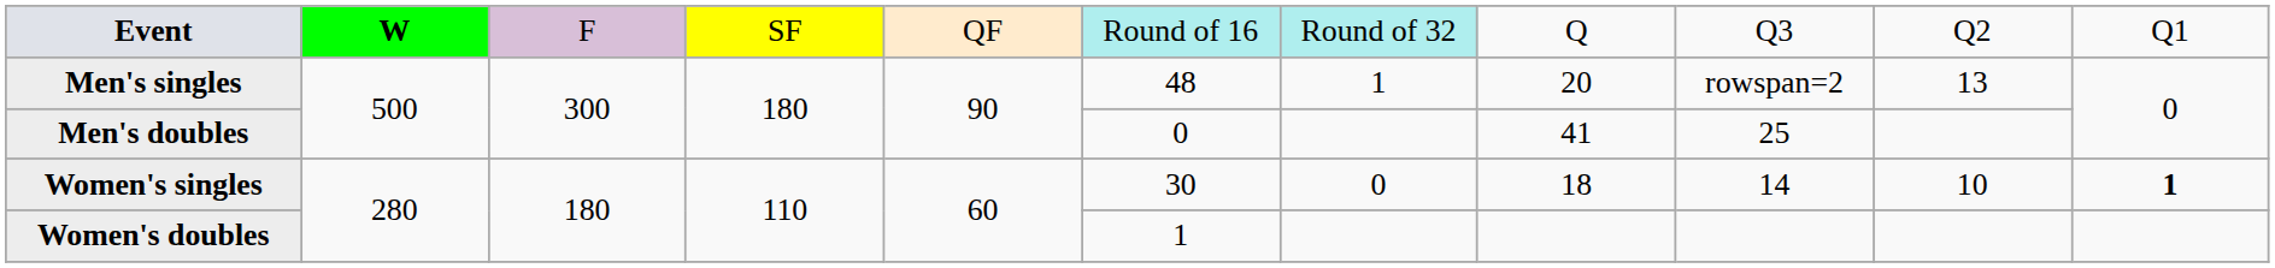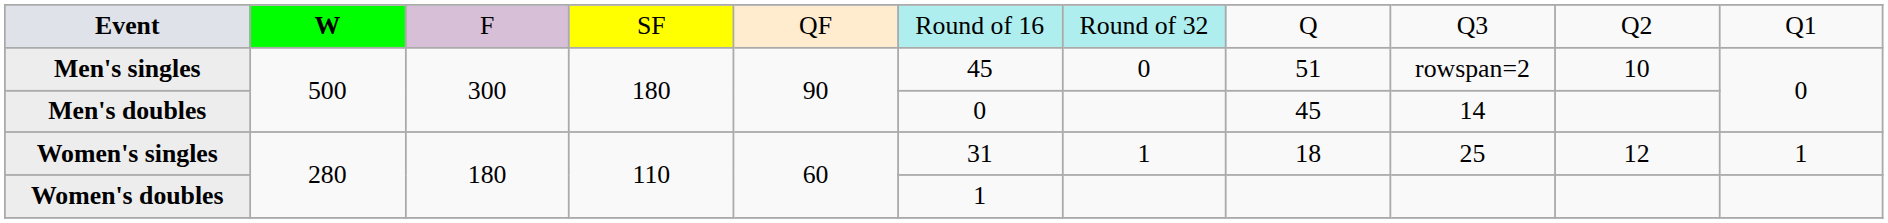 <table class=wikitable style=font-size:90%;text-align:center>
 <tr>
 <td style="width:130px; background:#dfe2e9;"><strong>Event</strong></td>
 <td style="width:80px; background:lime;"><strong>W</strong></td>
 <td style="width:85px; background:thistle;">F</td>
 <td style="width:85px; background:#ff0;">SF</td>
 <td style="width:85px; background:#ffebcd;">QF</td>
 <td style="width:85px; background:#afeeee;">Round of 16</td>
 <td style="width:85px; background:#afeeee;">Round of 32</td>
 <td width=85>Q</td>
 <td width=85>Q3</td>
 <td width=85>Q2</td>
 <td width=85>Q1</td>
 </tr>
 <tr>
 <th style="background:#ededed;">Men's singles</th>
 <td rowspan=2>500</td>
 <td rowspan=2>300</td>
 <td rowspan=2>180</td>
 <td rowspan=2>90</td>
-<td>48</td>
-<td>1</td>
-<td>20</td>
+<td>45</td>
+<td>0</td>
+<td>51</td>
 <td>rowspan=2 </td>
-<td>13</td>
+<td>10</td>
 <td rowspan=2>0</td>
 </tr>
 <tr>
 <th style="background:#ededed;">Men's doubles</th>
 <td>0</td>
 <td></td>
-<td>41</td>
-<td>25</td>
+<td>45</td>
+<td>14</td>
 </tr>
 <tr>
 <th style="background:#ededed;">Women's singles</th>
 <td rowspan=2>280</td>
 <td rowspan=2>180</td>
 <td rowspan=2>110</td>
 <td rowspan=2>60</td>
-<td>30</td>
-<td>0</td>
+<td>31</td>
+<td>1</td>
 <td>18</td>
-<td>14</td>
-<td>10</td>
-<td><strong>1</strong></td>
+<td>25</td>
+<td>12</td>
+<td>1</td>
 </tr>
 <tr>
 <th style="background:#ededed;">Women's doubles</th>
 <td>1</td>
 <td></td>
 <td></td>
 <td></td>
 <td></td>
 <td></td>
 </tr>
 </table>
